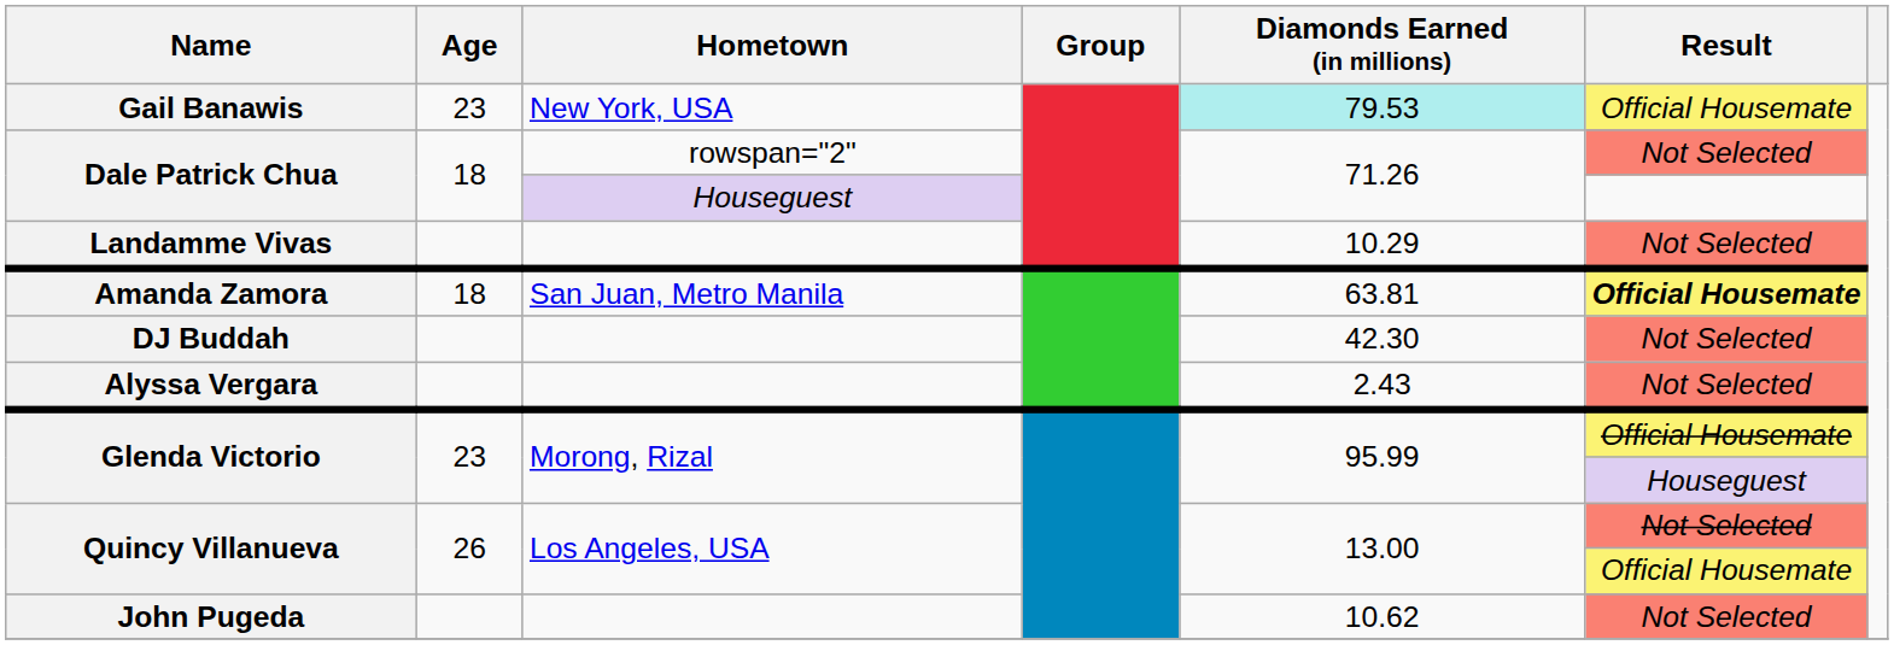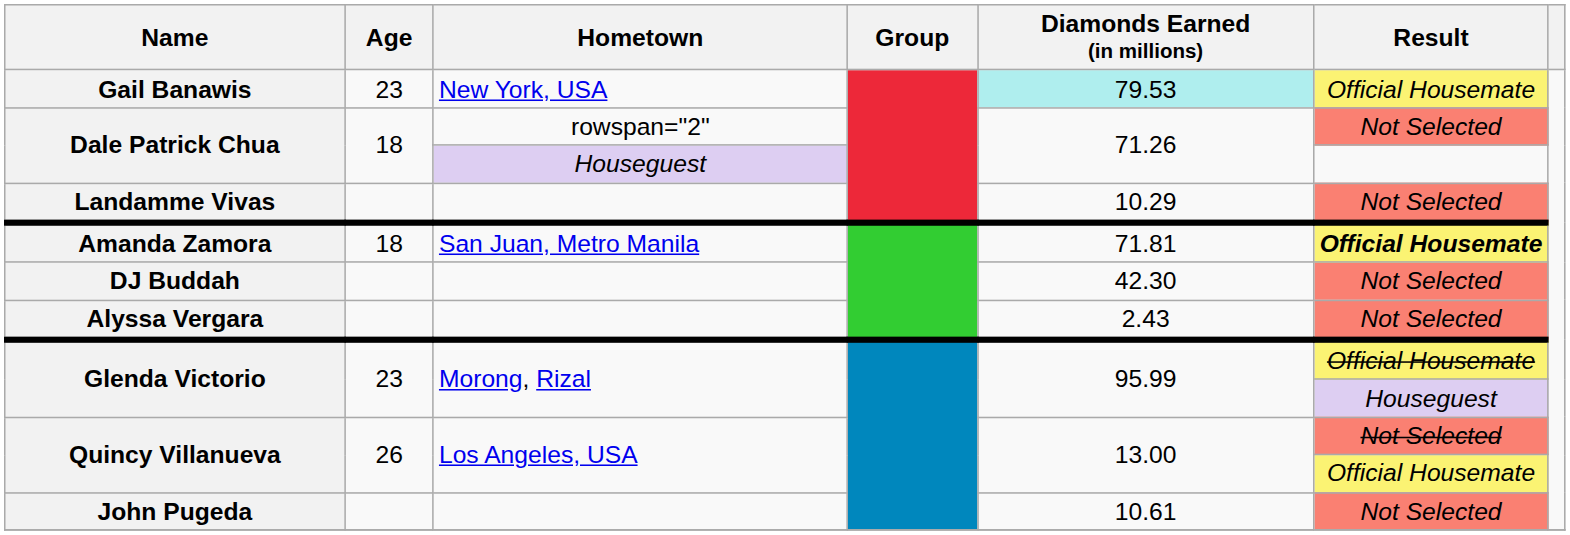 <table class="wikitable sortable" style="font-size:100%; line-height:17px; text-align:center;">
 <tr>
 <th>Name</th>
 <th>Age</th>
 <th>Hometown</th>
 <th>Group</th>
 <th>Diamonds Earned<br><small>(in millions)</small></th>
 <th>Result</th>
 <th></th>
 </tr>
 <tr>
 <th>Gail Banawis</th>
 <td>23</td>
 <td align="left"><a href='#'>New York, USA</a></td>
 <td style="background:#ED2839;" rowspan="4"></td>
 <td style="background: paleturquoise;">79.53</td>
 <td style="background:#FBF373;" width="15%"><em>Official Housemate</em></td>
 <td rowspan="12"></td>
 </tr>
 <tr>
 <th rowspan="2">Dale Patrick Chua</th>
 <td rowspan="2">18</td>
 <td>rowspan="2" </td>
 <td rowspan="2">71.26</td>
 <td style="background:#FA8072;"><em>Not Selected</em></td>
 </tr>
 <tr>
 <td style="background:#DDCEF2"><em>Houseguest</em></td>
 </tr>
 <tr>
 <th>Landamme Vivas</th>
 <td></td>
 <td></td>
 <td>10.29</td>
 <td style="background:#FA8072;" width="5%"><em>Not Selected</em></td>
 </tr>
 <tr style="border-top: 4px solid;">
 <th>Amanda Zamora</th>
 <td>18</td>
 <td align="left"><a href='#'>San Juan, Metro Manila</a></td>
 <td style="background:#32CD32;" rowspan="3"></td>
-<td>63.81</td>
+<td>71.81</td>
 <td style="background:#FBF373;"><strong><em>Official Housemate</em></strong></td>
 </tr>
 <tr>
 <th>DJ Buddah</th>
 <td></td>
 <td></td>
 <td>42.30</td>
 <td style="background:#FA8072;"><em>Not Selected</em></td>
 </tr>
 <tr>
 <th>Alyssa Vergara</th>
 <td></td>
 <td></td>
 <td>2.43</td>
 <td style="background:#FA8072;"><em>Not Selected</em></td>
 </tr>
 <tr style="border-top: 4px solid;">
 <th rowspan="2">Glenda Victorio</th>
 <td rowspan="2">23</td>
 <td rowspan="2" align="left"><a href='#'>Morong</a>, <a href='#'>Rizal</a></td>
 <td style="background:#0087BD;" rowspan="5"></td>
 <td rowspan="2">95.99</td>
 <td style="background:#FBF373;"><s><em>Official Housemate</em></s></td>
 </tr>
 <tr>
 <td style="background:#DDCEF2"><em>Houseguest</em></td>
 </tr>
 <tr>
 <th rowspan="2">Quincy Villanueva</th>
 <td rowspan="2">26</td>
 <td rowspan="2" align="left"><a href='#'>Los Angeles, USA</a></td>
 <td rowspan="2">13.00</td>
 <td style="background:#FA8072;"><s><em>Not Selected</em></s></td>
 </tr>
 <tr>
 <td style="background:#FBF373;"><em>Official Housemate</em></td>
 </tr>
 <tr>
 <th>John Pugeda</th>
 <td></td>
 <td></td>
-<td>10.62</td>
+<td>10.61</td>
 <td style="background:#FA8072;"><em>Not Selected</em></td>
 </tr>
 <tr>
 </tr>
 </table>
